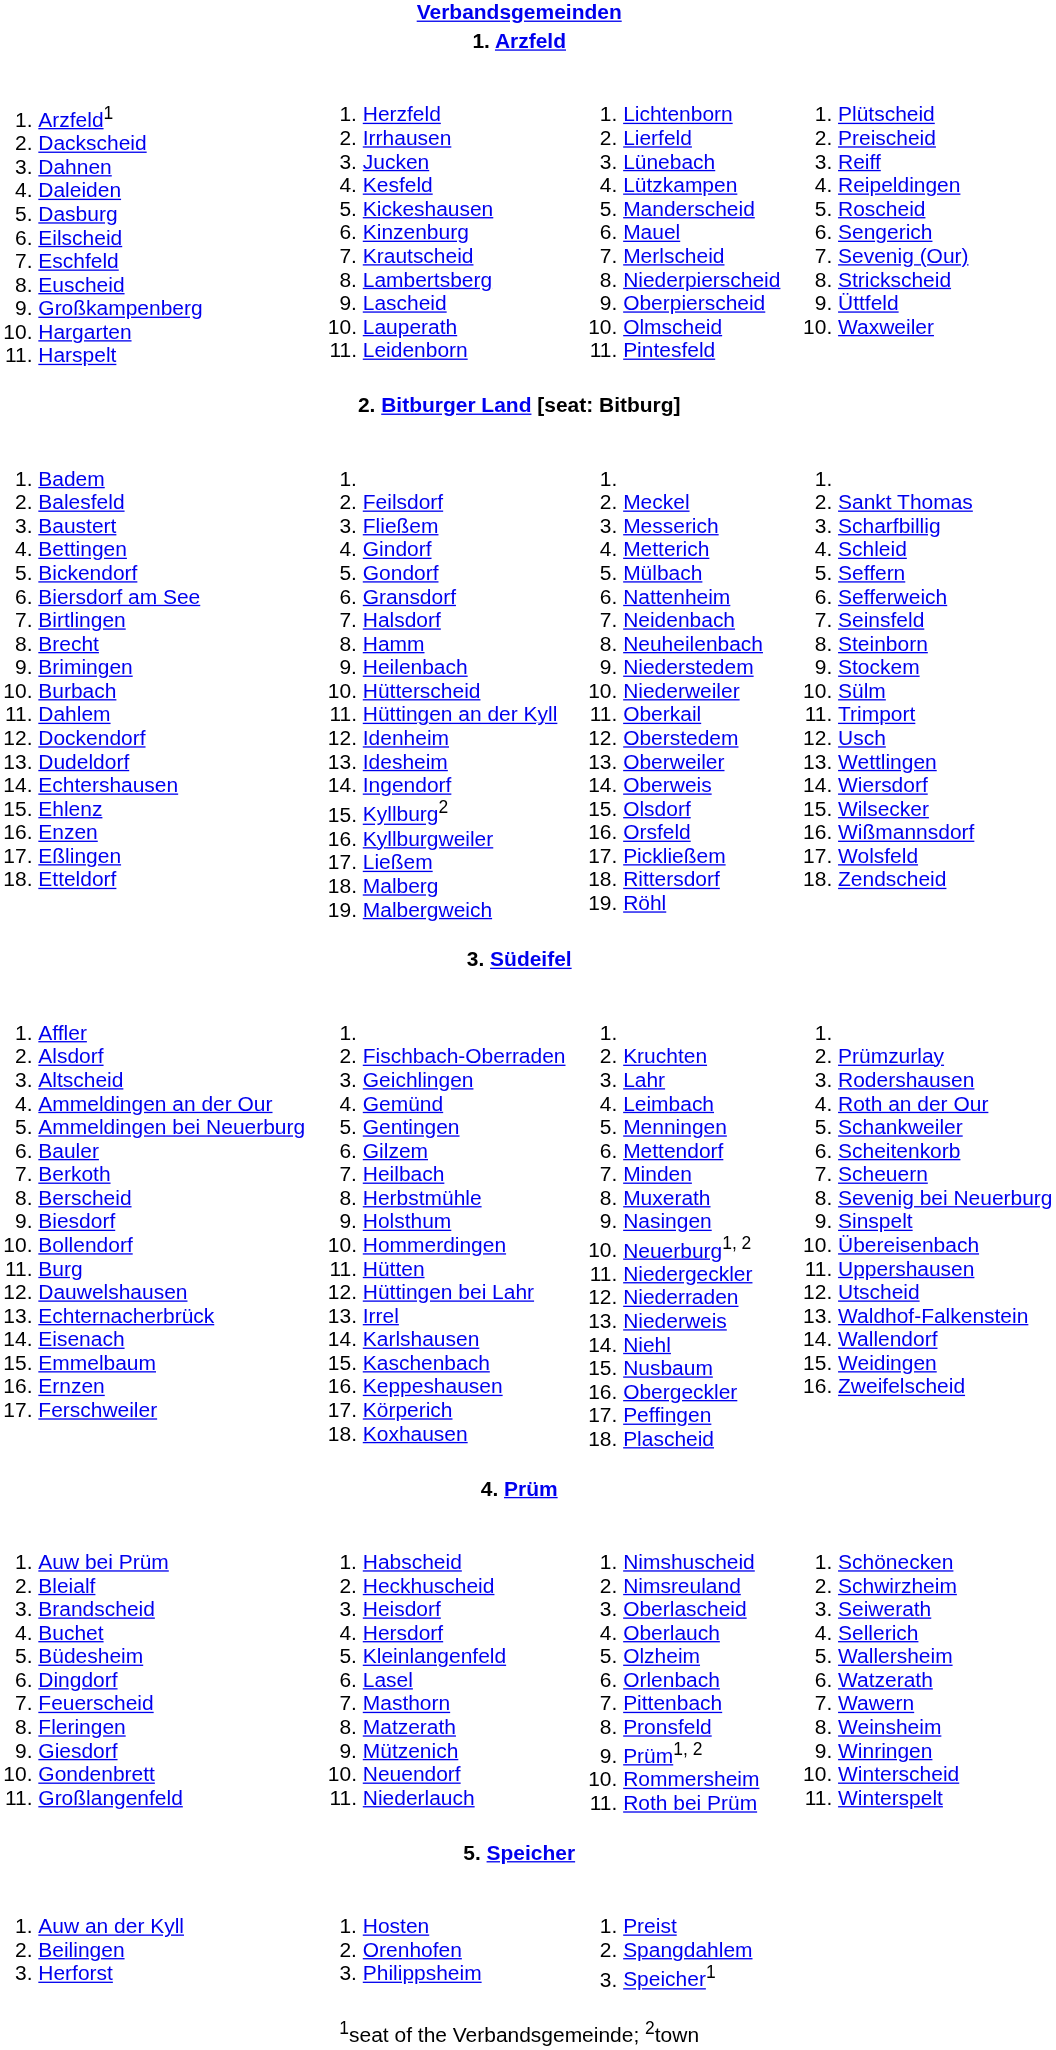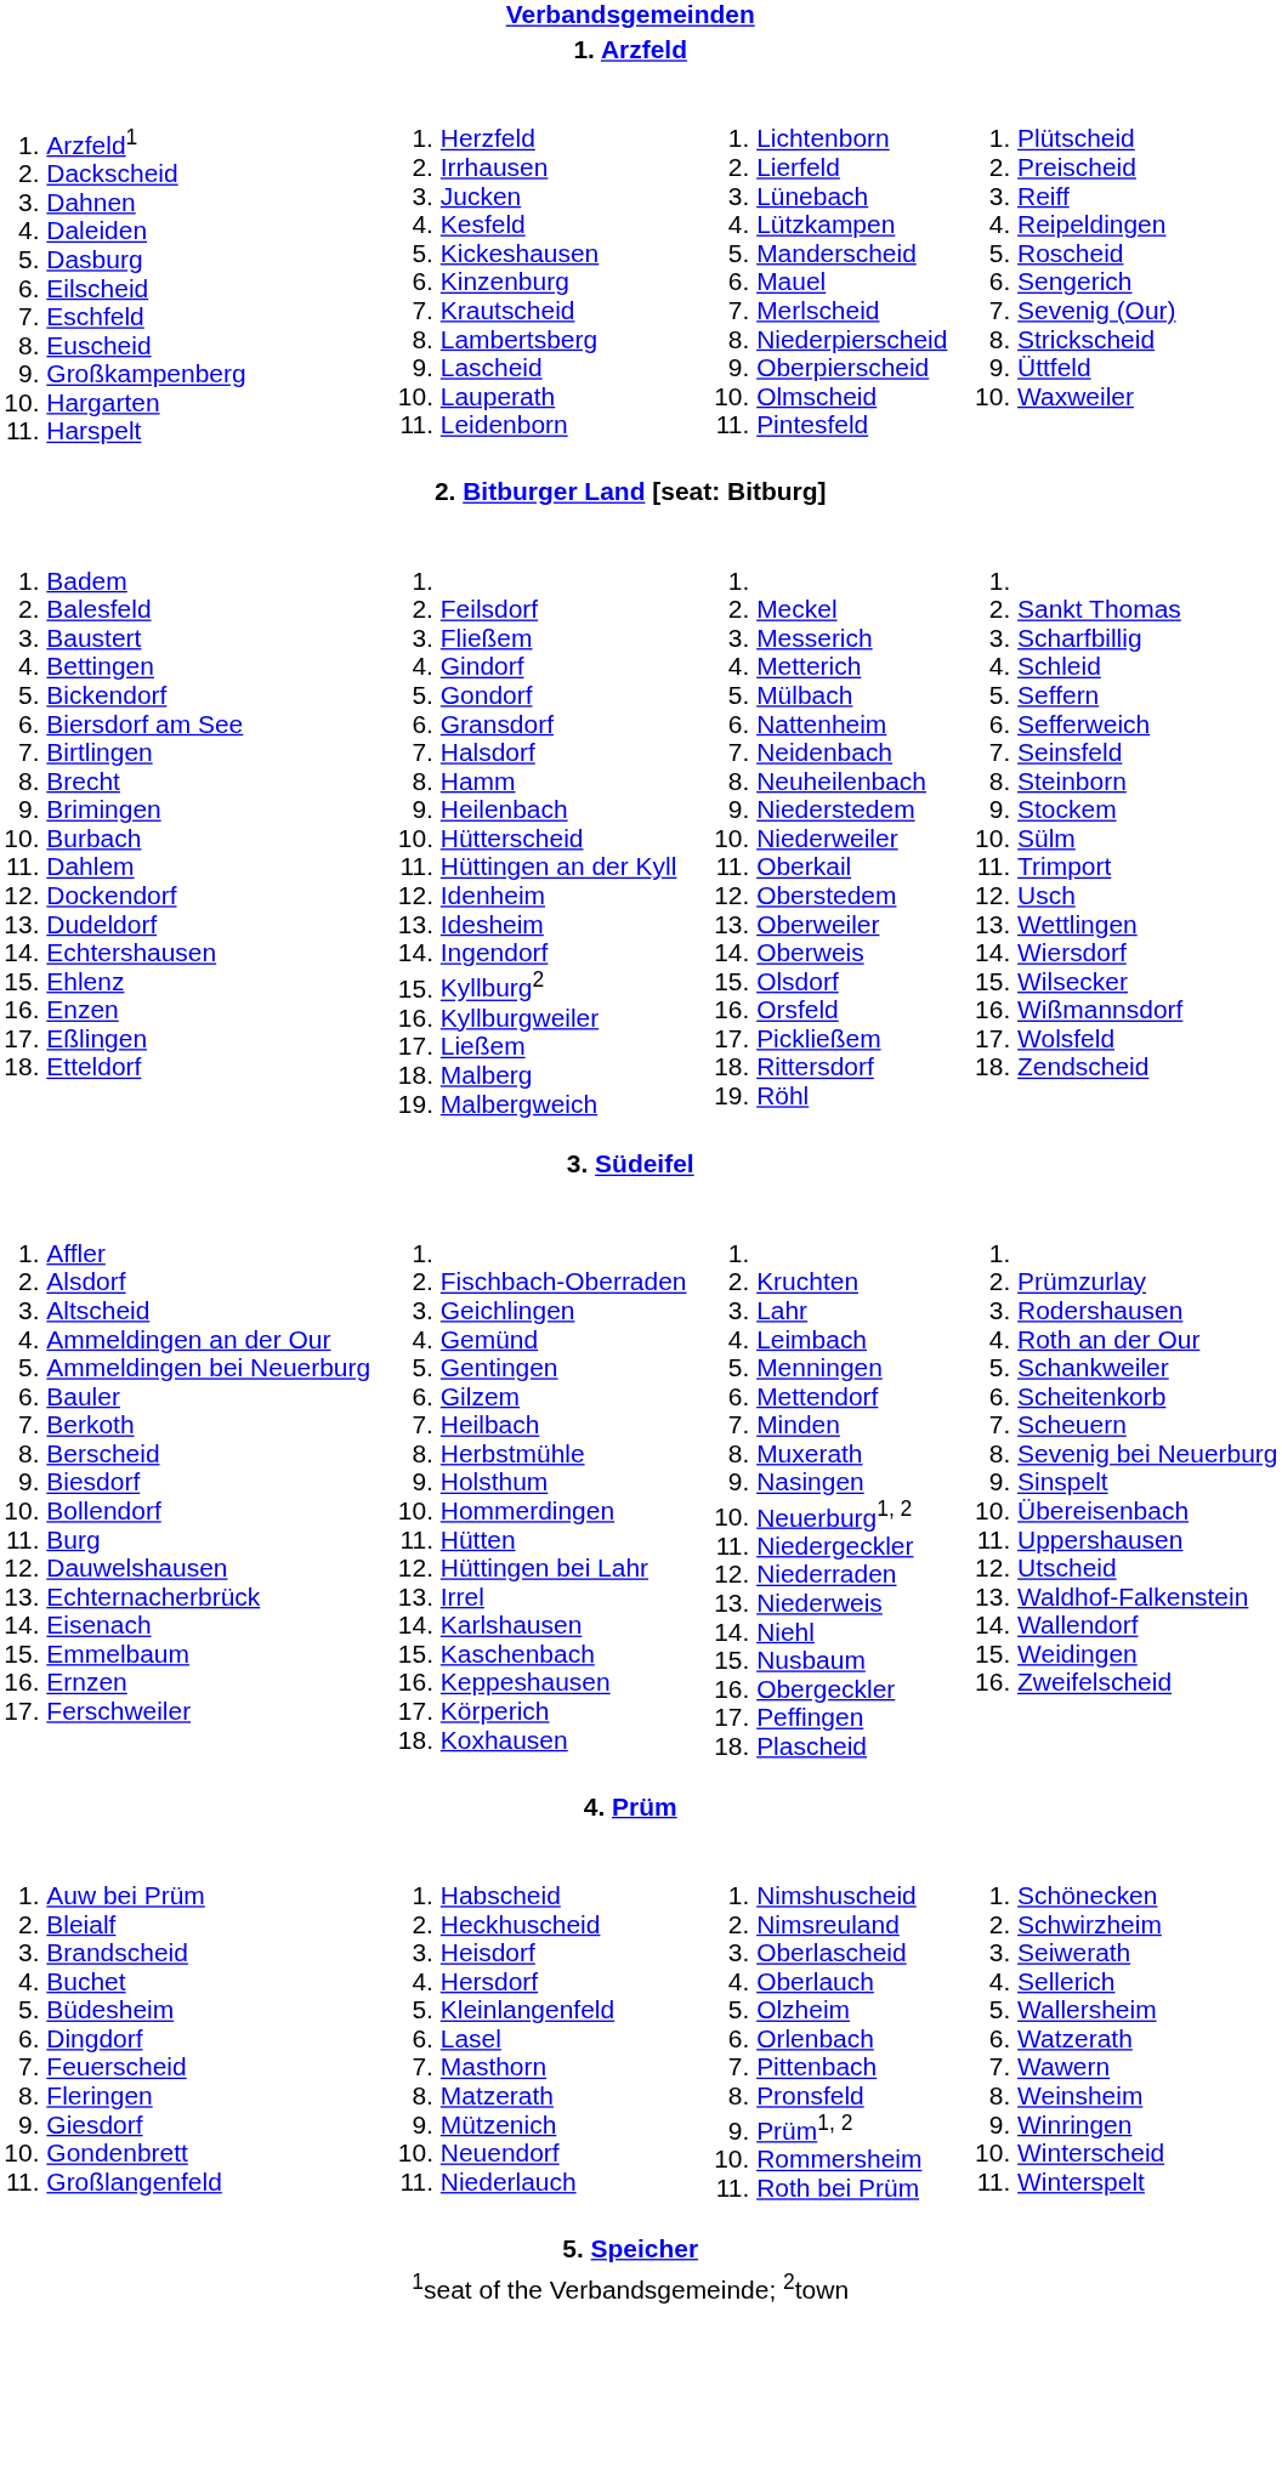 <table>
 <tr>
 <th colspan=4><a href='#'>Verbandsgemeinden</a></th>
 </tr>
 <tr>
 <th colspan=4><strong>1. <a href='#'>Arzfeld</a></strong></th>
 </tr>
 <tr valign=top>
 <td><br><ol><li><a href='#'>Arzfeld</a><sup>1</sup></li><li><a href='#'>Dackscheid</a></li><li><a href='#'>Dahnen</a></li><li><a href='#'>Daleiden</a></li><li><a href='#'>Dasburg</a></li><li><a href='#'>Eilscheid</a></li><li><a href='#'>Eschfeld</a></li><li><a href='#'>Euscheid</a></li><li><a href='#'>Großkampenberg</a></li><li><a href='#'>Hargarten</a></li><li><a href='#'>Harspelt</a></li></ol></td>
 <td><br><ol> <li> <a href='#'>Herzfeld</a> <li> <a href='#'>Irrhausen</a> <li> <a href='#'>Jucken</a> <li> <a href='#'>Kesfeld</a> <li> <a href='#'>Kickeshausen</a> <li> <a href='#'>Kinzenburg</a> <li> <a href='#'>Krautscheid</a> <li> <a href='#'>Lambertsberg</a> <li> <a href='#'>Lascheid</a> <li> <a href='#'>Lauperath</a> <li> <a href='#'>Leidenborn</a> </ol></td>
 <td><br><ol> <li> <a href='#'>Lichtenborn</a> <li> <a href='#'>Lierfeld</a> <li> <a href='#'>Lünebach</a> <li> <a href='#'>Lützkampen</a> <li> <a href='#'>Manderscheid</a> <li> <a href='#'>Mauel</a> <li> <a href='#'>Merlscheid</a> <li> <a href='#'>Niederpierscheid</a> <li> <a href='#'>Oberpierscheid</a> <li> <a href='#'>Olmscheid</a> <li> <a href='#'>Pintesfeld</a> </ol></td>
 <td><br><ol> <li> <a href='#'>Plütscheid</a> <li> <a href='#'>Preischeid</a> <li> <a href='#'>Reiff</a> <li> <a href='#'>Reipeldingen</a> <li> <a href='#'>Roscheid</a> <li> <a href='#'>Sengerich</a> <li> <a href='#'>Sevenig (Our)</a> <li> <a href='#'>Strickscheid</a> <li> <a href='#'>Üttfeld</a> <li> <a href='#'>Waxweiler</a> </ol></td>
 </tr>
 <tr>
 <th colspan=4><strong>2. <a href='#'>Bitburger Land</a></strong> [seat: Bitburg]</th>
 </tr>
 <tr valign=top>
 <td><br><ol><li><a href='#'>Badem</a></li><li><a href='#'>Balesfeld</a></li><li><a href='#'>Baustert</a></li><li><a href='#'>Bettingen</a></li><li><a href='#'>Bickendorf</a></li><li><a href='#'>Biersdorf am See</a></li><li><a href='#'>Birtlingen</a></li><li><a href='#'>Brecht</a></li><li><a href='#'>Brimingen</a></li><li><a href='#'>Burbach</a></li><li><a href='#'>Dahlem</a></li><li><a href='#'>Dockendorf</a></li><li><a href='#'>Dudeldorf</a></li><li><a href='#'>Echtershausen</a></li><li><a href='#'>Ehlenz</a></li><li><a href='#'>Enzen</a></li><li><a href='#'>Eßlingen</a></li><li><a href='#'>Etteldorf</a></li></ol></td>
 <td><br><ol><li><li><a href='#'>Feilsdorf</a></li><li><a href='#'>Fließem</a></li><li><a href='#'>Gindorf</a></li><li><a href='#'>Gondorf</a></li><li><a href='#'>Gransdorf</a></li><li><a href='#'>Halsdorf</a></li><li><a href='#'>Hamm</a></li><li><a href='#'>Heilenbach</a></li><li><a href='#'>Hütterscheid</a></li><li><a href='#'>Hüttingen an der Kyll</a></li><li><a href='#'>Idenheim</a></li><li><a href='#'>Idesheim</a></li><li><a href='#'>Ingendorf</a></li><li><a href='#'>Kyllburg</a><sup>2</sup></li><li><a href='#'>Kyllburgweiler</a></li><li><a href='#'>Ließem</a></li><li><a href='#'>Malberg</a></li><li><a href='#'>Malbergweich</a></li></ol></td>
 <td><br><ol><li><li><a href='#'>Meckel</a></li><li><a href='#'>Messerich</a></li><li><a href='#'>Metterich</a></li><li><a href='#'>Mülbach</a></li><li><a href='#'>Nattenheim</a></li><li><a href='#'>Neidenbach</a></li><li><a href='#'>Neuheilenbach</a></li><li><a href='#'>Niederstedem</a></li><li><a href='#'>Niederweiler</a></li><li><a href='#'>Oberkail</a></li><li><a href='#'>Oberstedem</a></li><li><a href='#'>Oberweiler</a></li><li><a href='#'>Oberweis</a></li><li><a href='#'>Olsdorf</a></li><li><a href='#'>Orsfeld</a></li><li><a href='#'>Pickließem</a></li><li><a href='#'>Rittersdorf</a></li><li><a href='#'>Röhl</a></li></ol></td>
 <td><br><ol><li><li><a href='#'>Sankt Thomas</a></li><li><a href='#'>Scharfbillig</a></li><li><a href='#'>Schleid</a></li><li><a href='#'>Seffern</a></li><li><a href='#'>Sefferweich</a></li><li><a href='#'>Seinsfeld</a></li><li><a href='#'>Steinborn</a></li><li><a href='#'>Stockem</a></li><li><a href='#'>Sülm</a></li><li><a href='#'>Trimport</a></li><li><a href='#'>Usch</a></li><li><a href='#'>Wettlingen</a></li><li><a href='#'>Wiersdorf</a></li><li><a href='#'>Wilsecker</a></li><li><a href='#'>Wißmannsdorf</a></li><li><a href='#'>Wolsfeld</a></li><li><a href='#'>Zendscheid</a></li></ol></td>
 </tr>
 <tr>
 <th colspan=4><strong>3. <a href='#'>Südeifel</a></strong></th>
 </tr>
 <tr valign=top>
 <td><br><ol><li><a href='#'>Affler</a></li><li><a href='#'>Alsdorf</a></li><li><a href='#'>Altscheid</a></li><li><a href='#'>Ammeldingen an der Our</a></li><li><a href='#'>Ammeldingen bei Neuerburg</a></li><li><a href='#'>Bauler</a></li><li><a href='#'>Berkoth</a></li><li><a href='#'>Berscheid</a></li><li><a href='#'>Biesdorf</a></li><li><a href='#'>Bollendorf</a></li><li><a href='#'>Burg</a></li><li><a href='#'>Dauwelshausen</a></li><li><a href='#'>Echternacherbrück</a></li><li><a href='#'>Eisenach</a></li><li><a href='#'>Emmelbaum</a></li><li><a href='#'>Ernzen</a></li><li><a href='#'>Ferschweiler</a></li></ol></td>
 <td><br><ol><li><li><a href='#'>Fischbach-Oberraden</a></li><li><a href='#'>Geichlingen</a></li><li><a href='#'>Gemünd</a></li><li><a href='#'>Gentingen</a></li><li><a href='#'>Gilzem</a></li><li><a href='#'>Heilbach</a></li><li><a href='#'>Herbstmühle</a></li><li><a href='#'>Holsthum</a></li><li><a href='#'>Hommerdingen</a></li><li><a href='#'>Hütten</a></li><li><a href='#'>Hüttingen bei Lahr</a></li><li><a href='#'>Irrel</a></li><li><a href='#'>Karlshausen</a></li><li><a href='#'>Kaschenbach</a></li><li><a href='#'>Keppeshausen</a></li><li><a href='#'>Körperich</a></li><li><a href='#'>Koxhausen</a></li></ol></td>
 <td><br><ol><li><li><a href='#'>Kruchten</a></li><li><a href='#'>Lahr</a></li><li><a href='#'>Leimbach</a></li><li><a href='#'>Menningen</a></li><li><a href='#'>Mettendorf</a></li><li><a href='#'>Minden</a></li><li><a href='#'>Muxerath</a></li><li><a href='#'>Nasingen</a></li><li><a href='#'>Neuerburg</a><sup>1, 2</sup></li><li><a href='#'>Niedergeckler</a></li><li><a href='#'>Niederraden</a></li><li><a href='#'>Niederweis</a></li><li><a href='#'>Niehl</a></li><li><a href='#'>Nusbaum</a></li><li><a href='#'>Obergeckler</a></li><li><a href='#'>Peffingen</a></li><li><a href='#'>Plascheid</a></li></ol></td>
 <td><br><ol><li><li><a href='#'>Prümzurlay</a></li><li><a href='#'>Rodershausen</a></li><li><a href='#'>Roth an der Our</a></li><li><a href='#'>Schankweiler</a></li><li><a href='#'>Scheitenkorb</a></li><li><a href='#'>Scheuern</a></li><li><a href='#'>Sevenig bei Neuerburg</a></li><li><a href='#'>Sinspelt</a></li><li><a href='#'>Übereisenbach</a></li><li><a href='#'>Uppershausen</a></li><li><a href='#'>Utscheid</a></li><li><a href='#'>Waldhof-Falkenstein</a></li><li><a href='#'>Wallendorf</a></li><li><a href='#'>Weidingen</a></li><li><a href='#'>Zweifelscheid</a></li></ol></td>
 </tr>
 <tr>
 <th colspan=4><strong>4. <a href='#'>Prüm</a></strong></th>
 </tr>
 <tr valign=top>
 <td><br><ol><li><a href='#'>Auw bei Prüm</a></li><li><a href='#'>Bleialf</a></li><li><a href='#'>Brandscheid</a></li><li><a href='#'>Buchet</a></li><li><a href='#'>Büdesheim</a></li><li><a href='#'>Dingdorf</a></li><li><a href='#'>Feuerscheid</a></li><li><a href='#'>Fleringen</a></li><li><a href='#'>Giesdorf</a></li><li><a href='#'>Gondenbrett</a></li><li><a href='#'>Großlangenfeld</a></li></ol></td>
 <td><br><ol> <li> <a href='#'>Habscheid</a> <li> <a href='#'>Heckhuscheid</a> <li> <a href='#'>Heisdorf</a> <li> <a href='#'>Hersdorf</a> <li> <a href='#'>Kleinlangenfeld</a> <li> <a href='#'>Lasel</a> <li> <a href='#'>Masthorn</a> <li> <a href='#'>Matzerath</a> <li> <a href='#'>Mützenich</a> <li> <a href='#'>Neuendorf</a> <li> <a href='#'>Niederlauch</a> </ol></td>
 <td><br><ol> <li> <a href='#'>Nimshuscheid</a> <li> <a href='#'>Nimsreuland</a> <li> <a href='#'>Oberlascheid</a> <li> <a href='#'>Oberlauch</a> <li> <a href='#'>Olzheim</a> <li> <a href='#'>Orlenbach</a> <li> <a href='#'>Pittenbach</a> <li> <a href='#'>Pronsfeld</a> <li> <a href='#'>Prüm</a><sup>1, 2</sup> <li> <a href='#'>Rommersheim</a> <li> <a href='#'>Roth bei Prüm</a> </ol></td>
 <td><br><ol> <li> <a href='#'>Schönecken</a> <li> <a href='#'>Schwirzheim</a> <li> <a href='#'>Seiwerath</a> <li> <a href='#'>Sellerich</a> <li> <a href='#'>Wallersheim</a> <li> <a href='#'>Watzerath</a> <li> <a href='#'>Wawern</a> <li> <a href='#'>Weinsheim</a> <li> <a href='#'>Winringen</a> <li> <a href='#'>Winterscheid</a> <li> <a href='#'>Winterspelt</a> </ol></td>
 </tr>
 <tr>
 <th colspan=4><strong>5. <a href='#'>Speicher</a></strong></th>
 </tr>
-<tr valign=top>
-<td><br><ol><li><a href='#'>Auw an der Kyll</a></li><li><a href='#'>Beilingen</a></li><li><a href='#'>Herforst</a></li></ol></td>
-<td><br><ol> <li> <a href='#'>Hosten</a> <li> <a href='#'>Orenhofen</a> <li> <a href='#'>Philippsheim</a> </ol></td>
-<td><br><ol> <li> <a href='#'>Preist</a> <li> <a href='#'>Spangdahlem</a> <li> <a href='#'>Speicher</a><sup>1</sup> </ol></td>
-<td></td>
-</tr>
 <tr>
 <td colspan="4" style="text-align:center;"><sup>1</sup>seat of the Verbandsgemeinde; <sup>2</sup>town</td>
 </tr>
 </table>
